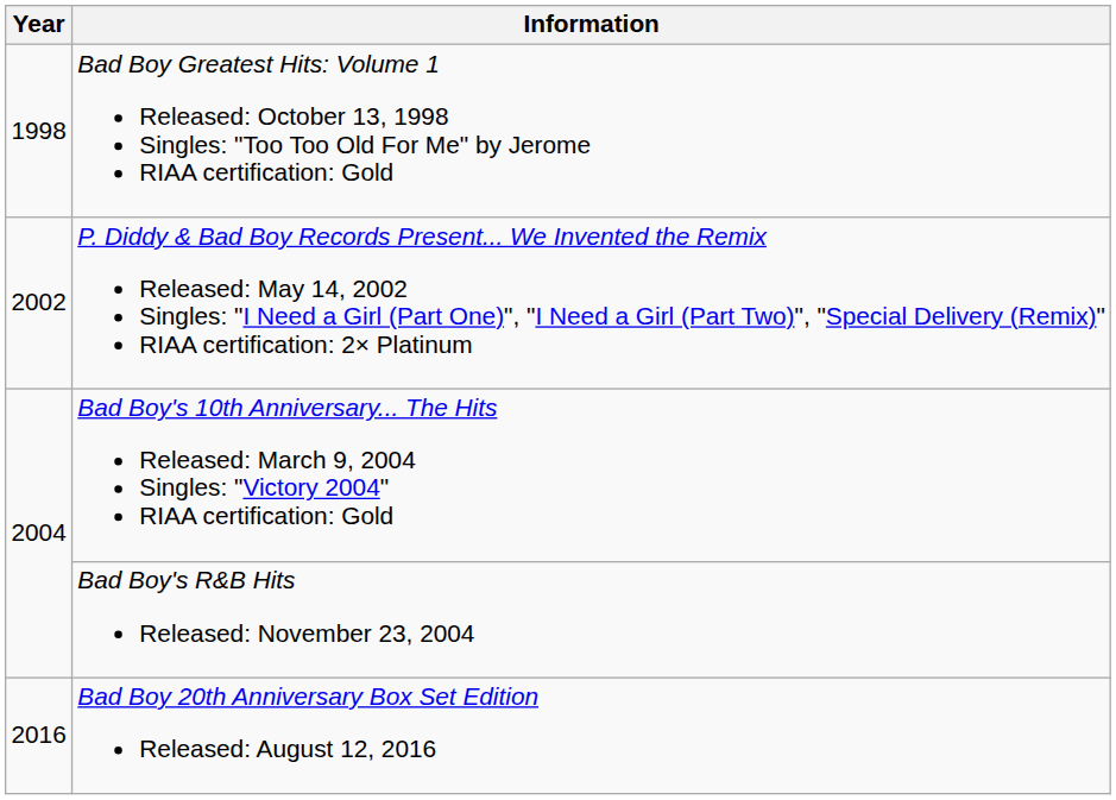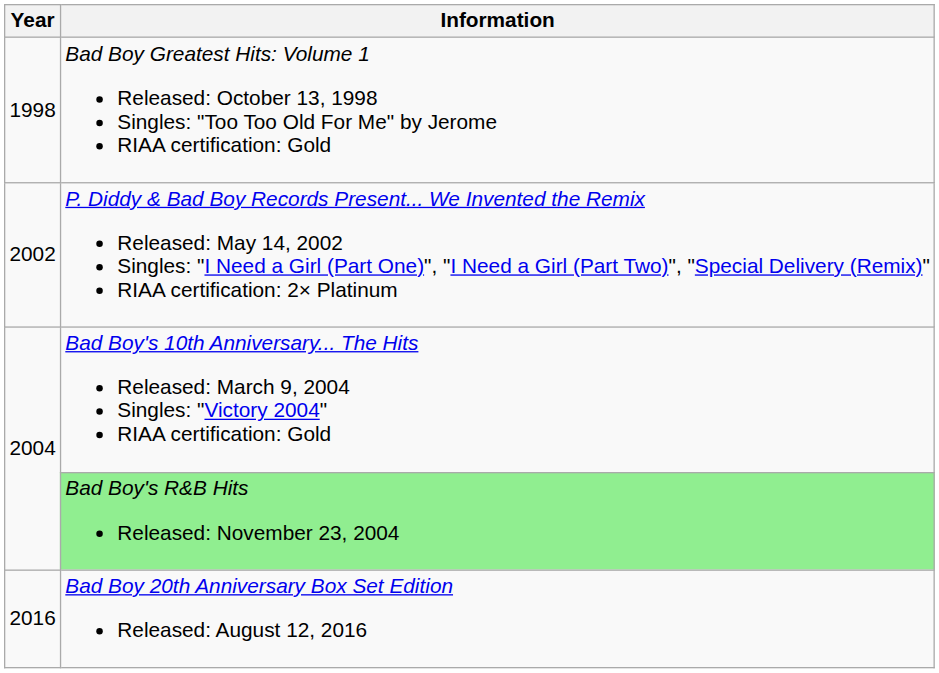 <table class="wikitable">
 <tr>
 <th align="center">Year</th>
 <th align="center">Information</th>
 </tr>
 <tr>
 <td rowspan="1">1998</td>
 <td align="left"><em>Bad Boy Greatest Hits: Volume 1</em><br><ul><li>Released: October 13, 1998</li><li>Singles: "Too Too Old For Me" by Jerome</li><li>RIAA certification: Gold</li></ul></td>
 </tr>
 <tr>
 <td rowspan="1">2002</td>
 <td align="left"><em><a href='#'>P. Diddy & Bad Boy Records Present... We Invented the Remix</a></em><br><ul><li>Released: May 14, 2002</li><li>Singles: "<a href='#'>I Need a Girl (Part One)</a>", "<a href='#'>I Need a Girl (Part Two)</a>", "<a href='#'>Special Delivery (Remix)</a>"</li><li>RIAA certification: 2× Platinum</li></ul></td>
 </tr>
 <tr>
 <td rowspan="2">2004</td>
 <td align="left"><em><a href='#'>Bad Boy's 10th Anniversary... The Hits</a></em><br><ul><li>Released: March 9, 2004</li><li>Singles: "<a href='#'>Victory 2004</a>"</li><li>RIAA certification: Gold</li></ul></td>
 </tr>
 <tr>
-<td align="left"><em>Bad Boy's R&B Hits</em><br><ul><li>Released: November 23, 2004</li></ul></td>
+<td align="left" style="background: lightgreen;"><em>Bad Boy's R&B Hits</em><br><ul><li>Released: November 23, 2004</li></ul></td>
 </tr>
 <tr>
 <td>2016</td>
 <td align="left"><em><a href='#'>Bad Boy 20th Anniversary Box Set Edition</a></em><br><ul><li>Released: August 12, 2016</li></ul></td>
 </tr>
 </table>
